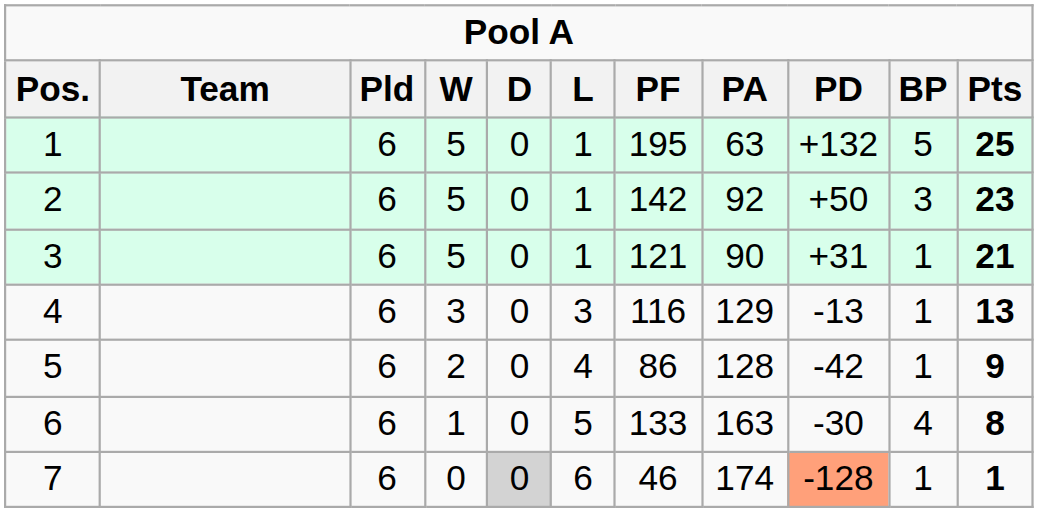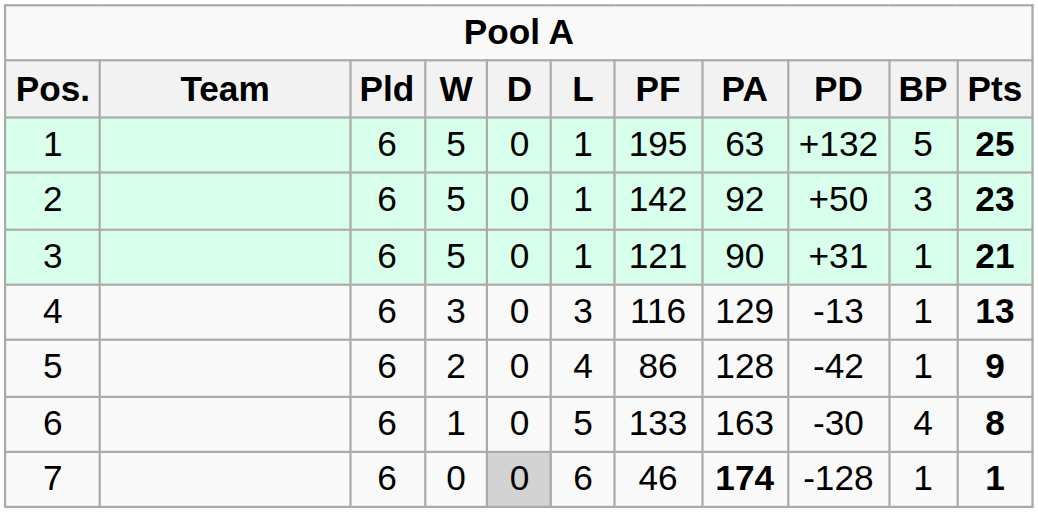 <table class="wikitable sortable" style="float:left; margin-right:15px; text-align: center;" width=75%>
 <tr>
 <td colspan=15><div><strong>Pool A</strong></div></td>
 </tr>
 <tr>
 <th width="20">Pos.</th>
 <th width="100">Team</th>
 <th width="20">Pld</th>
 <th width="20">W</th>
 <th width="20">D</th>
 <th width="20">L</th>
 <th width="30">PF</th>
 <th width="30">PA</th>
 <th width="30">PD</th>
 <th width="20">BP</th>
 <th width="20">Pts</th>
 </tr>
 <tr bgcolor=#d8ffeb align=center>
 <td>1</td>
 <td align=left></td>
 <td>6</td>
 <td>5</td>
 <td>0</td>
 <td>1</td>
 <td>195</td>
 <td>63</td>
 <td>+132</td>
 <td>5</td>
 <td><strong>25</strong></td>
 </tr>
 <tr bgcolor=#d8ffeb align=center>
 <td>2</td>
 <td align=left></td>
 <td>6</td>
 <td>5</td>
 <td>0</td>
 <td>1</td>
 <td>142</td>
 <td>92</td>
 <td>+50</td>
 <td>3</td>
 <td><strong>23</strong></td>
 </tr>
 <tr bgcolor=#d8ffeb align=center>
 <td>3</td>
 <td align=left></td>
 <td>6</td>
 <td>5</td>
 <td>0</td>
 <td>1</td>
 <td>121</td>
 <td>90</td>
 <td>+31</td>
 <td>1</td>
 <td><strong>21</strong></td>
 </tr>
 <tr>
 <td>4</td>
 <td align=left></td>
 <td>6</td>
 <td>3</td>
 <td>0</td>
 <td>3</td>
 <td>116</td>
 <td>129</td>
 <td>-13</td>
 <td>1</td>
 <td><strong>13</strong></td>
 </tr>
 <tr>
 <td>5</td>
 <td align=left></td>
 <td>6</td>
 <td>2</td>
 <td>0</td>
 <td>4</td>
 <td>86</td>
 <td>128</td>
 <td>-42</td>
 <td>1</td>
 <td><strong>9</strong></td>
 </tr>
 <tr>
 <td>6</td>
 <td align=left></td>
 <td>6</td>
 <td>1</td>
 <td>0</td>
 <td>5</td>
 <td>133</td>
 <td>163</td>
 <td>-30</td>
 <td>4</td>
 <td><strong>8</strong></td>
 </tr>
 <tr>
 <td>7</td>
 <td align=left></td>
 <td>6</td>
 <td>0</td>
 <td style="background: lightgrey;">0</td>
 <td>6</td>
 <td>46</td>
-<td>174</td>
-<td style="background: lightsalmon;">-128</td>
+<td><strong>174</strong></td>
+<td>-128</td>
 <td>1</td>
 <td><strong>1</strong></td>
 </tr>
 </table>
